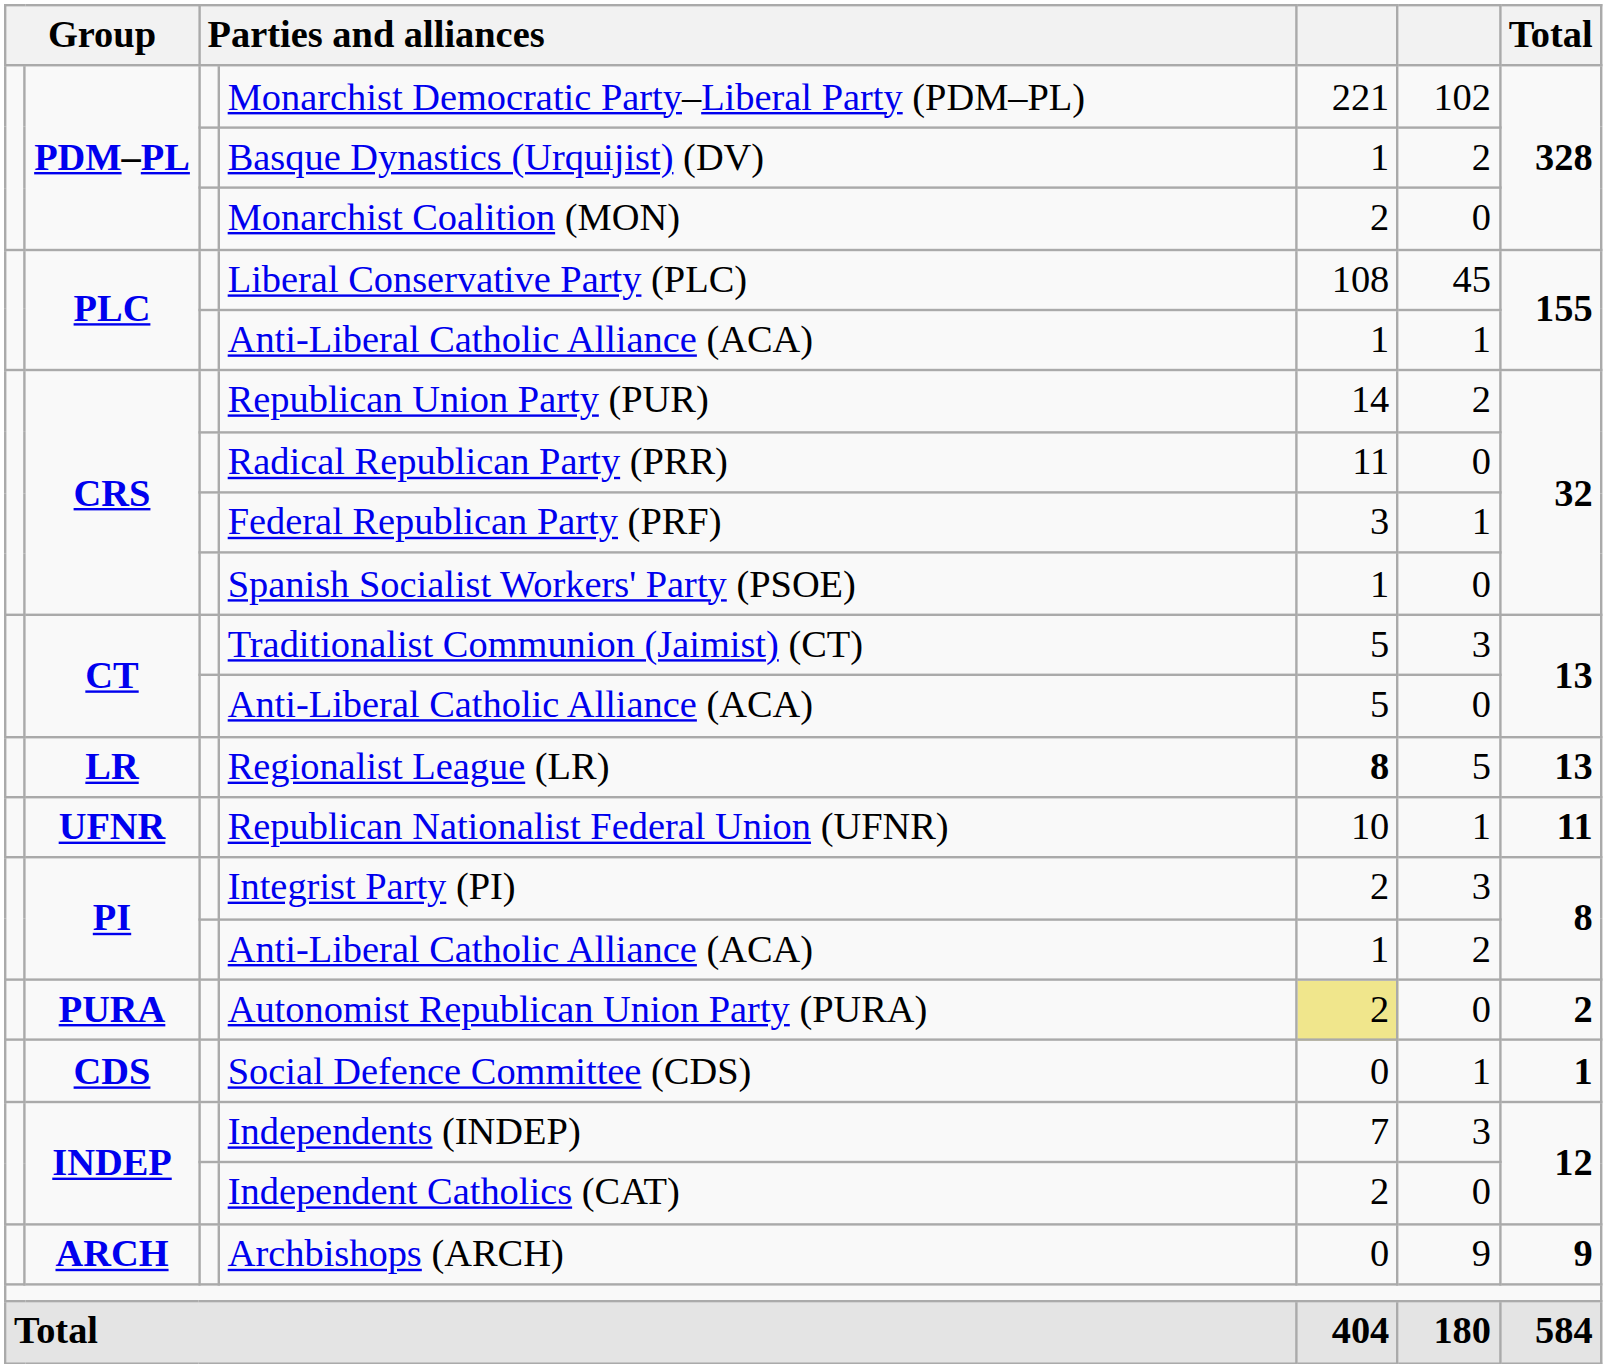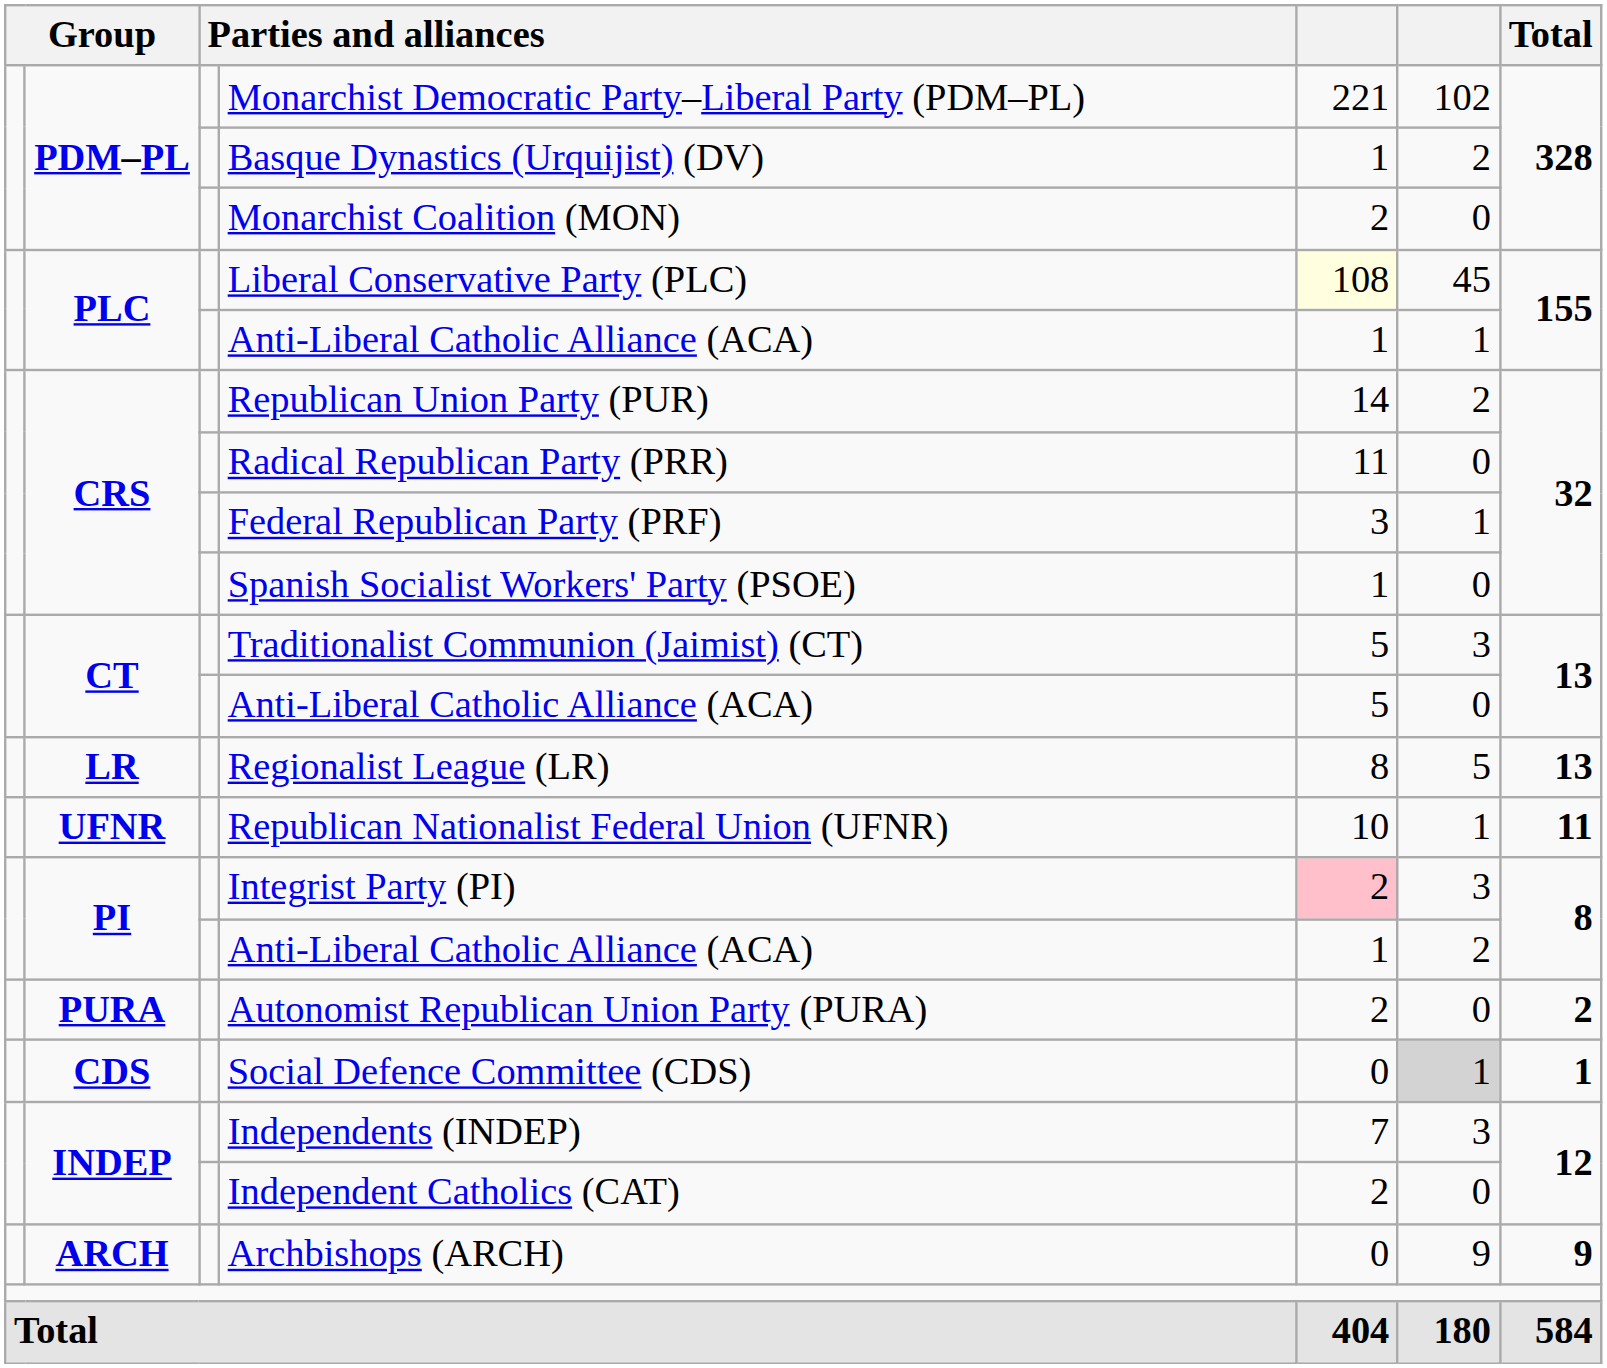 <table class="wikitable" style="text-align:right;">
 <tr>
 <th colspan="2" width="65">Group</th>
 <th style="text-align:left;" colspan="2" width="450">Parties and alliances</th>
 <th width="35"></th>
 <th width="35"></th>
 <th width="35">Total</th>
 </tr>
 <tr>
 <td rowspan="3" width="1"></td>
 <td rowspan="3" align="center"><strong><a href='#'>PDM</a>–<a href='#'>PL</a></strong></td>
 <td width="1" style="color:inherit;background:"></td>
 <td align="left"><a href='#'>Monarchist Democratic Party</a>–<a href='#'>Liberal Party</a> (PDM–PL)</td>
 <td>221</td>
 <td>102</td>
 <td rowspan="3"><strong>328</strong></td>
 </tr>
 <tr>
 <td style="color:inherit;background:"></td>
 <td align="left"><a href='#'>Basque Dynastics (Urquijist)</a> (DV)</td>
 <td>1</td>
 <td>2</td>
 </tr>
 <tr>
 <td style="color:inherit;background:"></td>
 <td align="left"><a href='#'>Monarchist Coalition</a> (MON)</td>
 <td>2</td>
 <td>0</td>
 </tr>
 <tr>
 <td rowspan="2" style="color:inherit;background:"></td>
 <td rowspan="2" align="center"><strong><a href='#'>PLC</a></strong></td>
 <td style="color:inherit;background:"></td>
 <td align="left"><a href='#'>Liberal Conservative Party</a> (PLC)</td>
-<td>108</td>
+<td style="background: lightyellow;">108</td>
 <td>45</td>
 <td rowspan="2"><strong>155</strong></td>
 </tr>
 <tr>
 <td style="color:inherit;background:"></td>
 <td align="left"><a href='#'>Anti-Liberal Catholic Alliance</a> (ACA)</td>
 <td>1</td>
 <td>1</td>
 </tr>
 <tr>
 <td rowspan="4" style="color:inherit;background:"></td>
 <td rowspan="4" align="center"><strong><a href='#'>CRS</a></strong></td>
 <td style="color:inherit;background:"></td>
 <td align="left"><a href='#'>Republican Union Party</a> (PUR)</td>
 <td>14</td>
 <td>2</td>
 <td rowspan="4"><strong>32</strong></td>
 </tr>
 <tr>
 <td style="color:inherit;background:"></td>
 <td align="left"><a href='#'>Radical Republican Party</a> (PRR)</td>
 <td>11</td>
 <td>0</td>
 </tr>
 <tr>
 <td style="color:inherit;background:"></td>
 <td align="left"><a href='#'>Federal Republican Party</a> (PRF)</td>
 <td>3</td>
 <td>1</td>
 </tr>
 <tr>
 <td style="color:inherit;background:"></td>
 <td align="left"><a href='#'>Spanish Socialist Workers' Party</a> (PSOE)</td>
 <td>1</td>
 <td>0</td>
 </tr>
 <tr>
 <td rowspan="2" style="color:inherit;background:"></td>
 <td rowspan="2" align="center"><strong><a href='#'>CT</a></strong></td>
 <td style="color:inherit;background:"></td>
 <td align="left"><a href='#'>Traditionalist Communion (Jaimist)</a> (CT)</td>
 <td>5</td>
 <td>3</td>
 <td rowspan="2"><strong>13</strong></td>
 </tr>
 <tr>
 <td style="color:inherit;background:"></td>
 <td align="left"><a href='#'>Anti-Liberal Catholic Alliance</a> (ACA)</td>
 <td>5</td>
 <td>0</td>
 </tr>
 <tr>
 <td style="color:inherit;background:"></td>
 <td align="center"><strong><a href='#'>LR</a></strong></td>
 <td style="color:inherit;background:"></td>
 <td align="left"><a href='#'>Regionalist League</a> (LR)</td>
-<td><strong>8</strong></td>
+<td>8</td>
 <td>5</td>
 <td><strong>13</strong></td>
 </tr>
 <tr>
 <td style="color:inherit;background:"></td>
 <td align="center"><strong><a href='#'>UFNR</a></strong></td>
 <td style="color:inherit;background:"></td>
 <td align="left"><a href='#'>Republican Nationalist Federal Union</a> (UFNR)</td>
 <td>10</td>
 <td>1</td>
 <td><strong>11</strong></td>
 </tr>
 <tr>
 <td rowspan="2" style="color:inherit;background:"></td>
 <td rowspan="2" align="center"><strong><a href='#'>PI</a></strong></td>
 <td style="color:inherit;background:"></td>
 <td align="left"><a href='#'>Integrist Party</a> (PI)</td>
-<td>2</td>
+<td style="background: pink;">2</td>
 <td>3</td>
 <td rowspan="2"><strong>8</strong></td>
 </tr>
 <tr>
 <td style="color:inherit;background:"></td>
 <td align="left"><a href='#'>Anti-Liberal Catholic Alliance</a> (ACA)</td>
 <td>1</td>
 <td>2</td>
 </tr>
 <tr>
 <td style="color:inherit;background:"></td>
 <td align="center"><strong><a href='#'>PURA</a></strong></td>
 <td style="color:inherit;background:"></td>
 <td align="left"><a href='#'>Autonomist Republican Union Party</a> (PURA)</td>
-<td style="background: khaki;">2</td>
+<td>2</td>
 <td>0</td>
 <td><strong>2</strong></td>
 </tr>
 <tr>
 <td style="color:inherit;background:"></td>
 <td align="center"><strong><a href='#'>CDS</a></strong></td>
 <td style="color:inherit;background:"></td>
 <td align="left"><a href='#'>Social Defence Committee</a> (CDS)</td>
 <td>0</td>
-<td>1</td>
+<td style="background: lightgrey;">1</td>
 <td><strong>1</strong></td>
 </tr>
 <tr>
 <td rowspan="2" style="color:inherit;background:"></td>
 <td rowspan="2" align="center"><strong><a href='#'>INDEP</a></strong></td>
 <td style="color:inherit;background:"></td>
 <td align="left"><a href='#'>Independents</a> (INDEP)</td>
 <td>7</td>
 <td>3</td>
 <td rowspan="2"><strong>12</strong></td>
 </tr>
 <tr>
 <td style="color:inherit;background:"></td>
 <td align="left"><a href='#'>Independent Catholics</a> (CAT)</td>
 <td>2</td>
 <td>0</td>
 </tr>
 <tr>
 <td style="color:inherit;background:"></td>
 <td align="center"><strong><a href='#'>ARCH</a></strong></td>
 <td style="color:inherit;background:"></td>
 <td align="left"><a href='#'>Archbishops</a> (ARCH)</td>
 <td>0</td>
 <td>9</td>
 <td><strong>9</strong></td>
 </tr>
 <tr>
 <td colspan="7"></td>
 </tr>
 <tr style="background:#E4E4E4; font-weight:bold;">
 <td align="left" colspan="4">Total</td>
 <td>404</td>
 <td>180</td>
 <td>584</td>
 </tr>
 </table>
